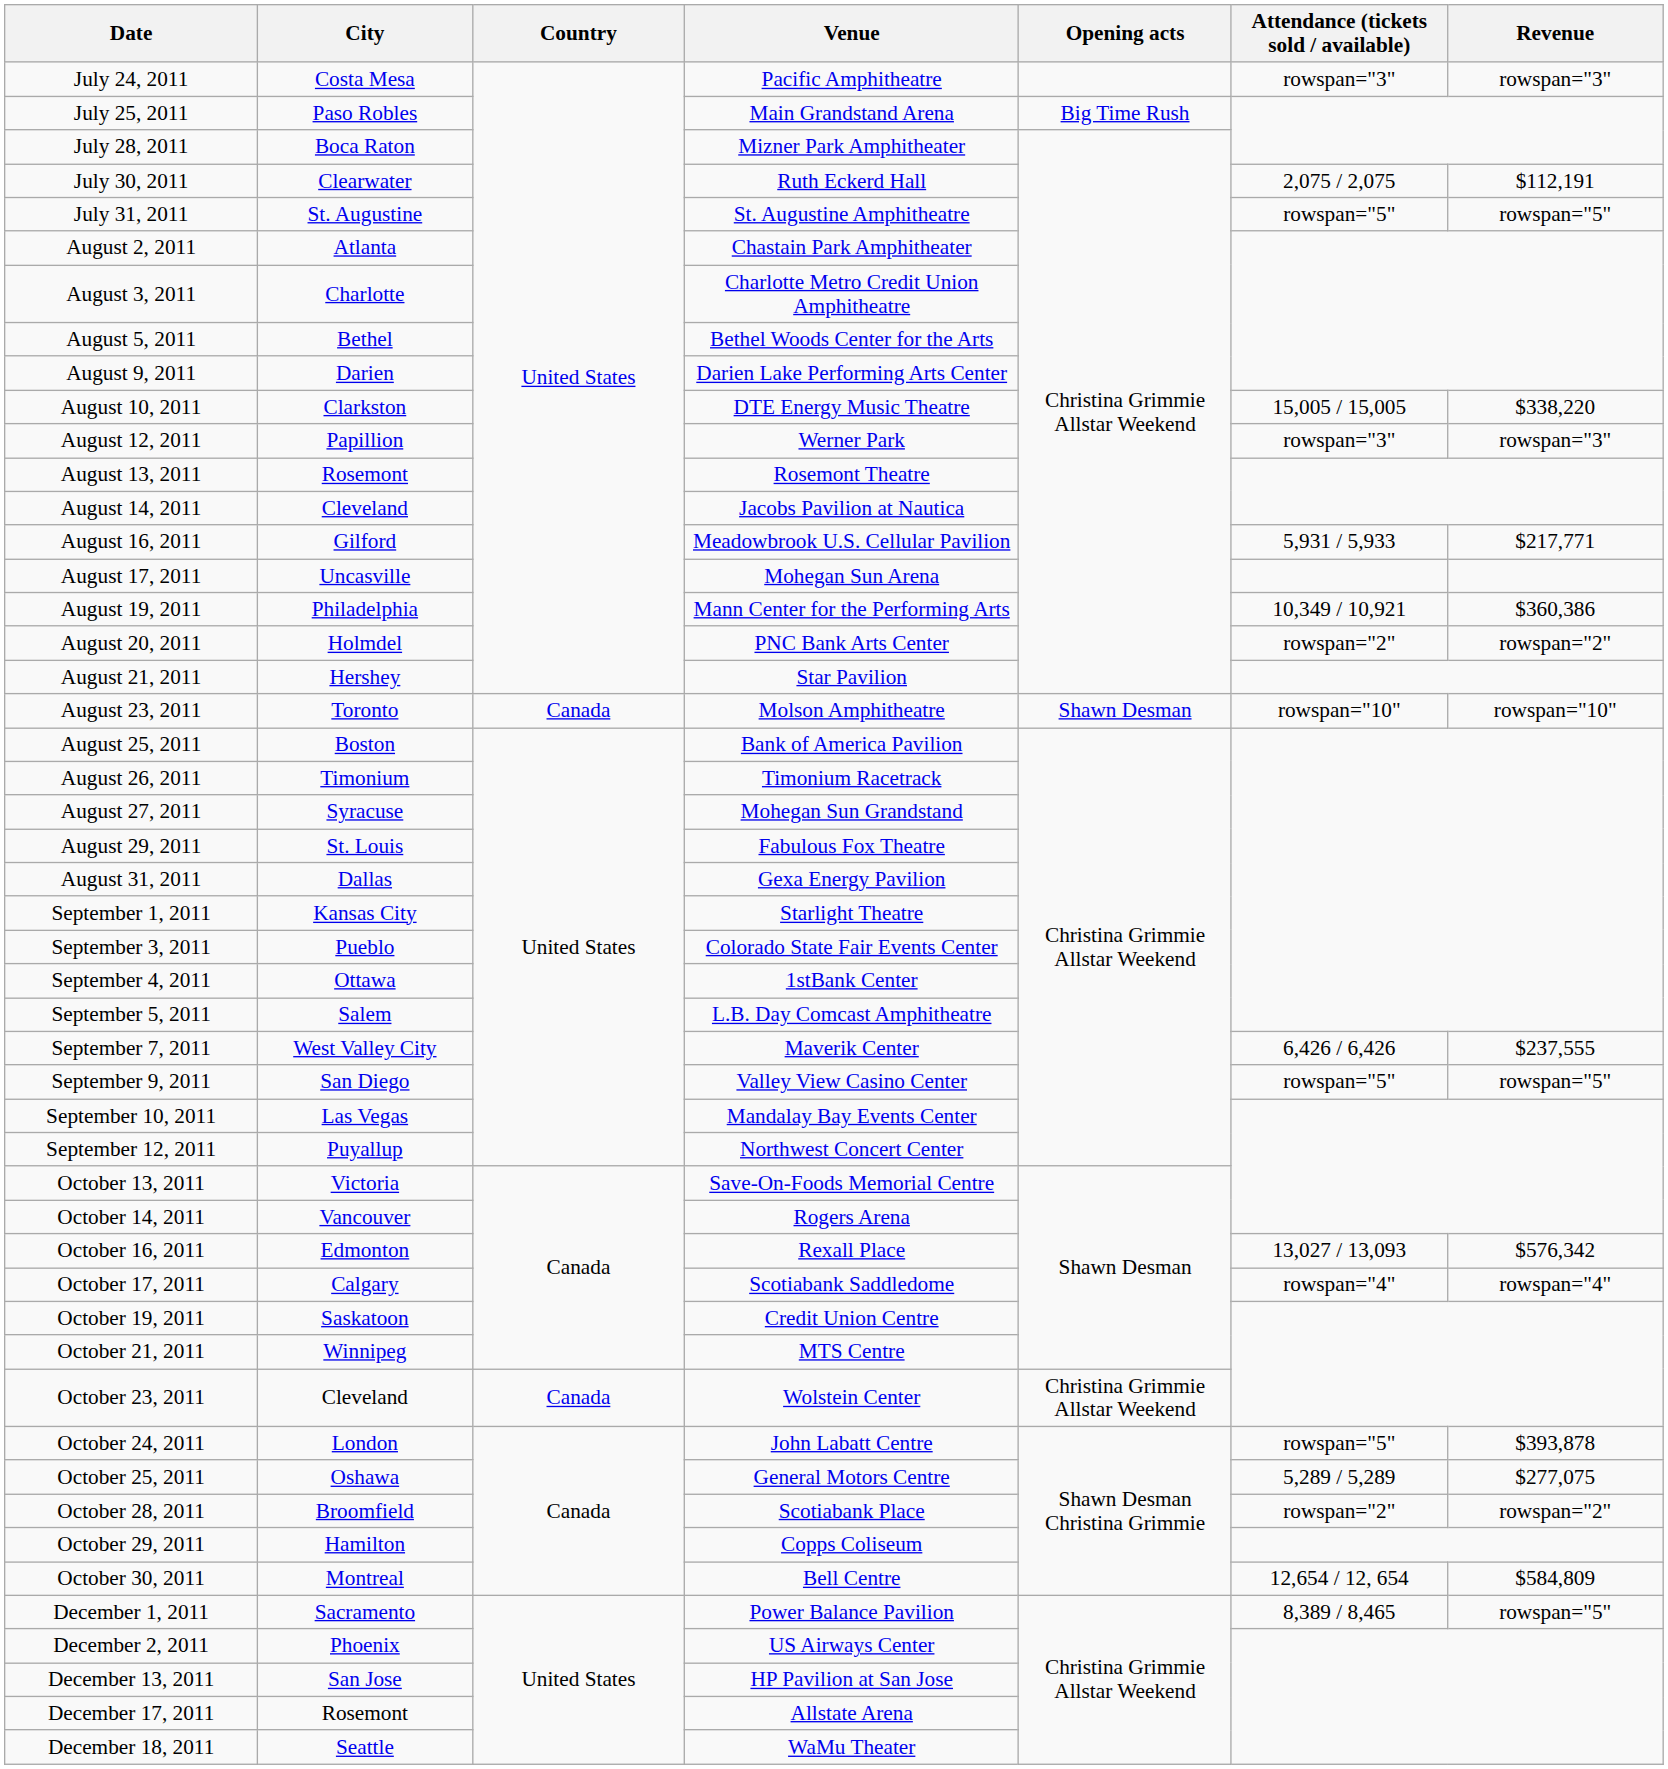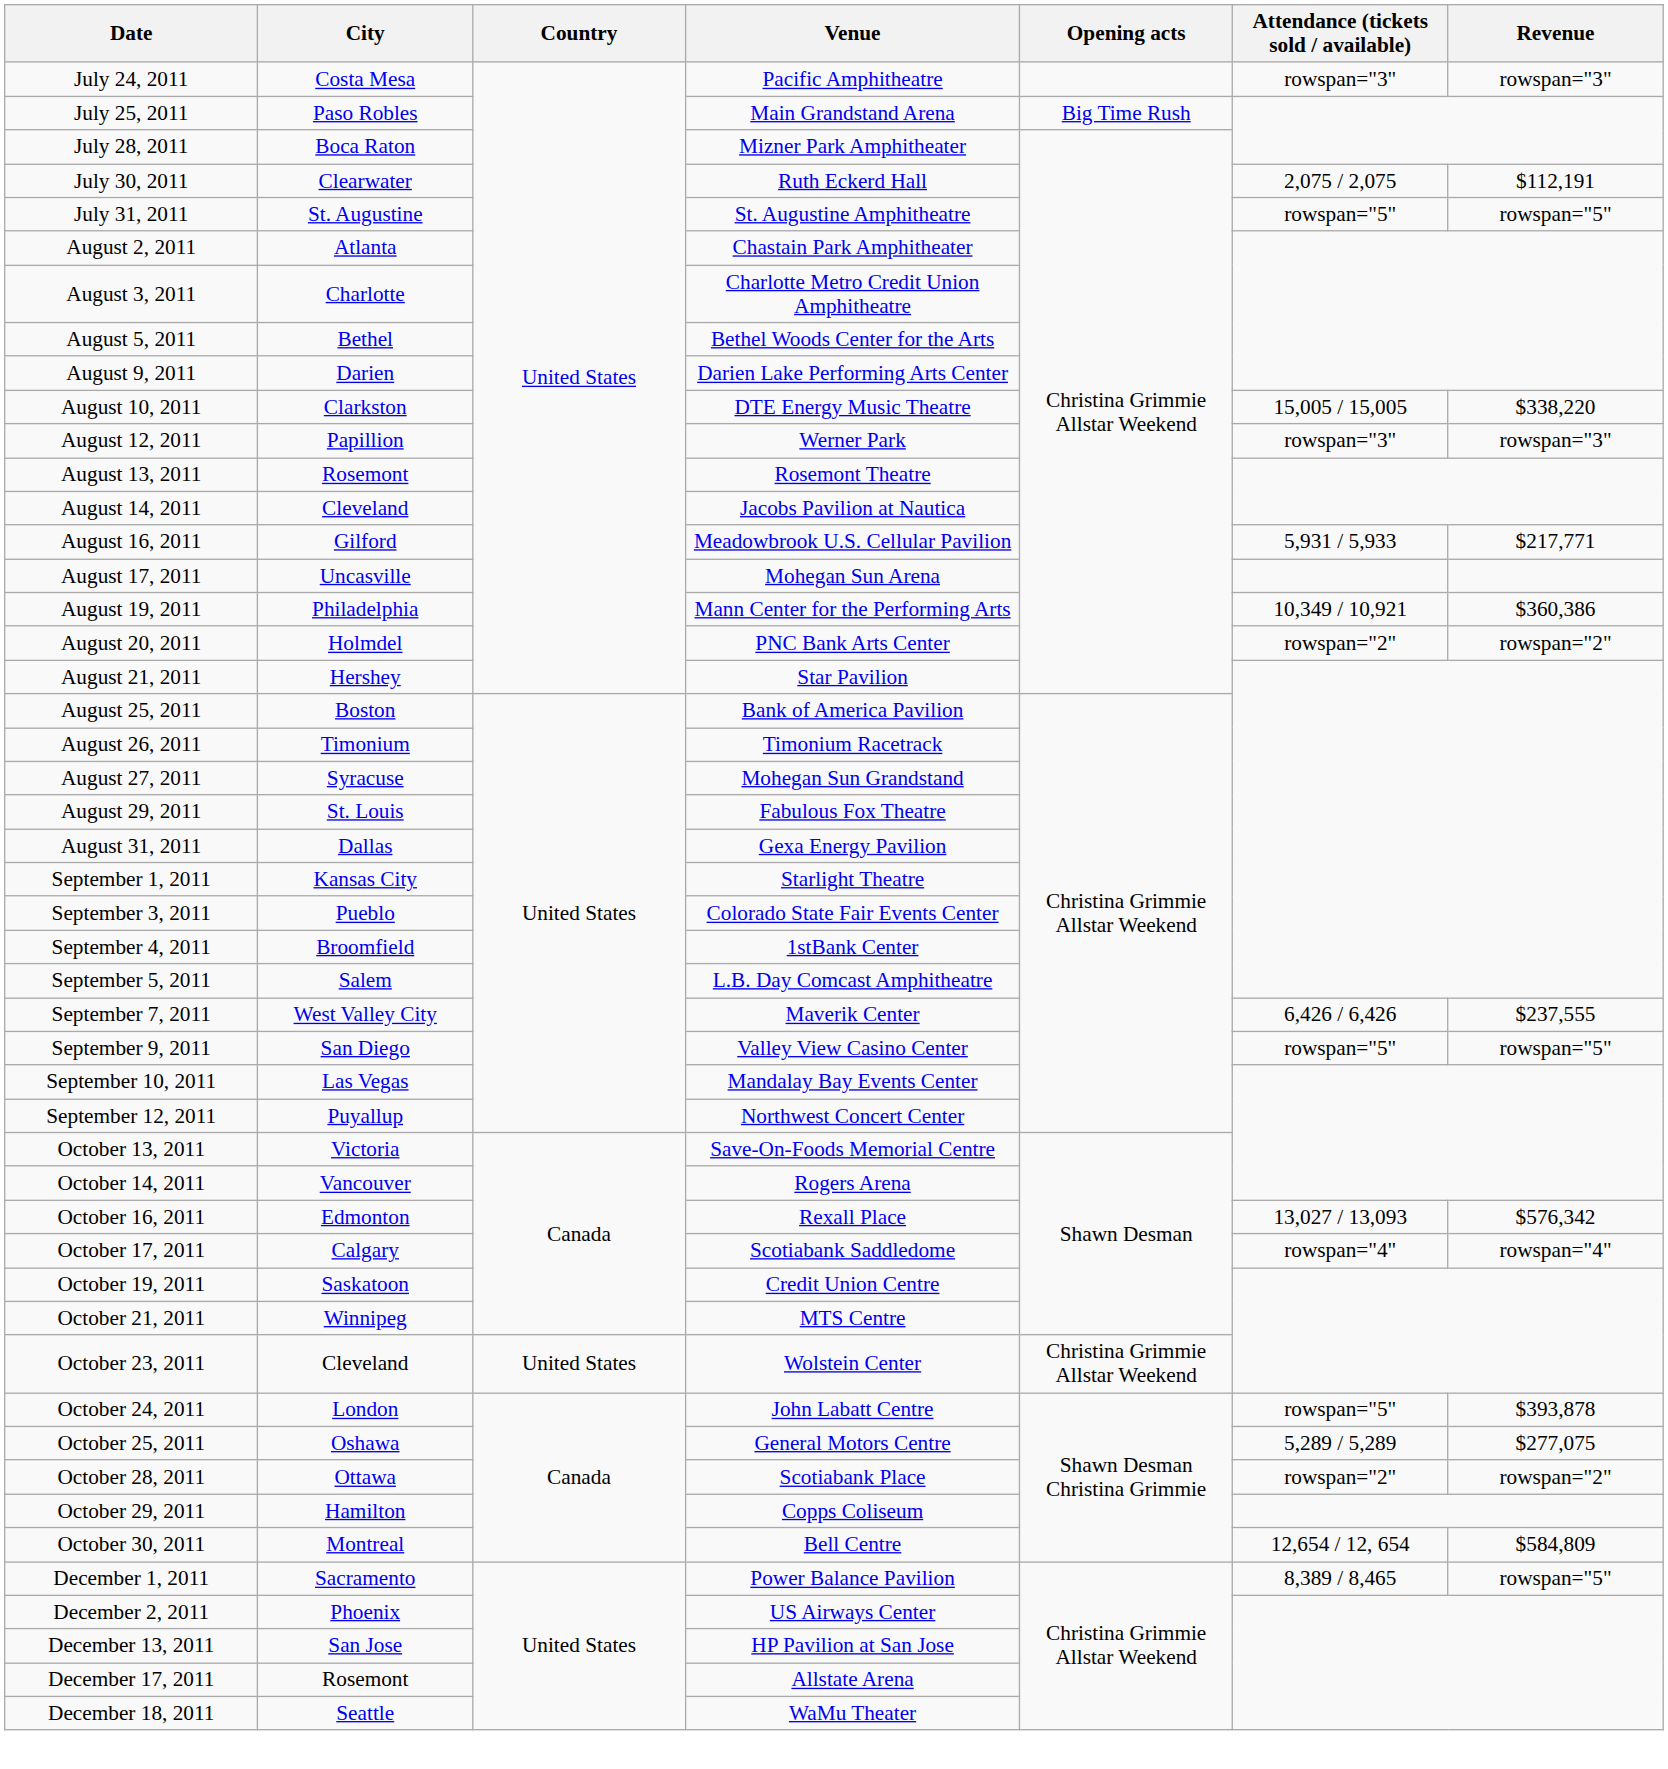 <table class="wikitable" style="text-align:center;">
 <tr>
 <th scope="col" style="width:12em;">Date</th>
 <th scope="col" style="width:10em;">City</th>
 <th scope="col" style="width:10em;">Country</th>
 <th scope="col" style="width:16em;">Venue</th>
 <th scope="col" style="width:10em;">Opening acts</th>
 <th scope="col" style="width:10em;">Attendance (tickets sold / available)</th>
 <th scope="col" style="width:10em;">Revenue</th>
 </tr>
 <tr>
 <td>July 24, 2011</td>
 <td><a href='#'>Costa Mesa</a></td>
 <td rowspan="18"><a href='#'>United States</a></td>
 <td><a href='#'>Pacific Amphitheatre</a></td>
 <td></td>
 <td>rowspan="3" </td>
 <td>rowspan="3" </td>
 </tr>
 <tr>
 <td>July 25, 2011</td>
 <td><a href='#'>Paso Robles</a></td>
 <td><a href='#'>Main Grandstand Arena</a></td>
 <td><a href='#'>Big Time Rush</a></td>
 </tr>
 <tr>
 <td>July 28, 2011</td>
 <td><a href='#'>Boca Raton</a></td>
 <td><a href='#'>Mizner Park Amphitheater</a></td>
 <td rowspan="16">Christina Grimmie<br>Allstar Weekend</td>
 </tr>
 <tr>
 <td>July 30, 2011</td>
 <td><a href='#'>Clearwater</a></td>
 <td><a href='#'>Ruth Eckerd Hall</a></td>
 <td>2,075 / 2,075</td>
 <td>$112,191</td>
 </tr>
 <tr>
 <td>July 31, 2011</td>
 <td><a href='#'>St. Augustine</a></td>
 <td><a href='#'>St. Augustine Amphitheatre</a></td>
 <td>rowspan="5" </td>
 <td>rowspan="5" </td>
 </tr>
 <tr>
 <td>August 2, 2011</td>
 <td><a href='#'>Atlanta</a></td>
 <td><a href='#'>Chastain Park Amphitheater</a></td>
 </tr>
 <tr>
 <td>August 3, 2011</td>
 <td><a href='#'>Charlotte</a></td>
 <td><a href='#'>Charlotte Metro Credit Union Amphitheatre</a></td>
 </tr>
 <tr>
 <td>August 5, 2011</td>
 <td><a href='#'>Bethel</a></td>
 <td><a href='#'>Bethel Woods Center for the Arts</a></td>
 </tr>
 <tr>
 <td>August 9, 2011</td>
 <td><a href='#'>Darien</a></td>
 <td><a href='#'>Darien Lake Performing Arts Center</a></td>
 </tr>
 <tr>
 <td>August 10, 2011</td>
 <td><a href='#'>Clarkston</a></td>
 <td><a href='#'>DTE Energy Music Theatre</a></td>
 <td>15,005 / 15,005</td>
 <td>$338,220</td>
 </tr>
 <tr>
 <td>August 12, 2011</td>
 <td><a href='#'>Papillion</a></td>
 <td><a href='#'>Werner Park</a></td>
 <td>rowspan="3" </td>
 <td>rowspan="3" </td>
 </tr>
 <tr>
 <td>August 13, 2011</td>
 <td><a href='#'>Rosemont</a></td>
 <td><a href='#'>Rosemont Theatre</a></td>
 </tr>
 <tr>
 <td>August 14, 2011</td>
 <td><a href='#'>Cleveland</a></td>
 <td><a href='#'>Jacobs Pavilion at Nautica</a></td>
 </tr>
 <tr>
 <td>August 16, 2011</td>
 <td><a href='#'>Gilford</a></td>
 <td><a href='#'>Meadowbrook U.S. Cellular Pavilion</a></td>
 <td>5,931 / 5,933</td>
 <td>$217,771</td>
 </tr>
 <tr>
 <td>August 17, 2011</td>
 <td><a href='#'>Uncasville</a></td>
 <td><a href='#'>Mohegan Sun Arena</a></td>
 <td></td>
 <td></td>
 </tr>
 <tr>
 <td>August 19, 2011</td>
 <td><a href='#'>Philadelphia</a></td>
 <td><a href='#'>Mann Center for the Performing Arts</a></td>
 <td>10,349 / 10,921</td>
 <td>$360,386</td>
 </tr>
 <tr>
 <td>August 20, 2011</td>
 <td><a href='#'>Holmdel</a></td>
 <td><a href='#'>PNC Bank Arts Center</a></td>
 <td>rowspan="2" </td>
 <td>rowspan="2" </td>
 </tr>
 <tr>
 <td>August 21, 2011</td>
 <td><a href='#'>Hershey</a></td>
 <td><a href='#'>Star Pavilion</a></td>
 </tr>
 <tr>
-<td>August 23, 2011</td>
-<td><a href='#'>Toronto</a></td>
-<td><a href='#'>Canada</a></td>
-<td><a href='#'>Molson Amphitheatre</a></td>
-<td><a href='#'>Shawn Desman</a></td>
-<td>rowspan="10" </td>
-<td>rowspan="10" </td>
-</tr>
-<tr>
 <td>August 25, 2011</td>
 <td><a href='#'>Boston</a></td>
 <td rowspan="13">United States</td>
 <td><a href='#'>Bank of America Pavilion</a></td>
 <td rowspan="13">Christina Grimmie<br>Allstar Weekend</td>
 </tr>
 <tr>
 <td>August 26, 2011</td>
 <td><a href='#'>Timonium</a></td>
 <td><a href='#'>Timonium Racetrack</a></td>
 </tr>
 <tr>
 <td>August 27, 2011</td>
 <td><a href='#'>Syracuse</a></td>
 <td><a href='#'>Mohegan Sun Grandstand</a></td>
 </tr>
 <tr>
 <td>August 29, 2011</td>
 <td><a href='#'>St. Louis</a></td>
 <td><a href='#'>Fabulous Fox Theatre</a></td>
 </tr>
 <tr>
 <td>August 31, 2011</td>
 <td><a href='#'>Dallas</a></td>
 <td><a href='#'>Gexa Energy Pavilion</a></td>
 </tr>
 <tr>
 <td>September 1, 2011</td>
 <td><a href='#'>Kansas City</a></td>
 <td><a href='#'>Starlight Theatre</a></td>
 </tr>
 <tr>
 <td>September 3, 2011</td>
 <td><a href='#'>Pueblo</a></td>
 <td><a href='#'>Colorado State Fair Events Center</a></td>
 </tr>
 <tr>
 <td>September 4, 2011</td>
-<td><a href='#'>Ottawa</a></td>
+<td><a href='#'>Broomfield</a></td>
 <td><a href='#'>1stBank Center</a></td>
 </tr>
 <tr>
 <td>September 5, 2011</td>
 <td><a href='#'>Salem</a></td>
 <td><a href='#'>L.B. Day Comcast Amphitheatre</a></td>
 </tr>
 <tr>
 <td>September 7, 2011</td>
 <td><a href='#'>West Valley City</a></td>
 <td><a href='#'>Maverik Center</a></td>
 <td>6,426 / 6,426</td>
 <td>$237,555</td>
 </tr>
 <tr>
 <td>September 9, 2011</td>
 <td><a href='#'>San Diego</a></td>
 <td><a href='#'>Valley View Casino Center</a></td>
 <td>rowspan="5" </td>
 <td>rowspan="5" </td>
 </tr>
 <tr>
 <td>September 10, 2011</td>
 <td><a href='#'>Las Vegas</a></td>
 <td><a href='#'>Mandalay Bay Events Center</a></td>
 </tr>
 <tr>
 <td>September 12, 2011</td>
 <td><a href='#'>Puyallup</a></td>
 <td><a href='#'>Northwest Concert Center</a></td>
 </tr>
 <tr>
 <td>October 13, 2011</td>
 <td><a href='#'>Victoria</a></td>
 <td rowspan="6">Canada</td>
 <td><a href='#'>Save-On-Foods Memorial Centre</a></td>
 <td rowspan="6">Shawn Desman</td>
 </tr>
 <tr>
 <td>October 14, 2011</td>
 <td><a href='#'>Vancouver</a></td>
 <td><a href='#'>Rogers Arena</a></td>
 </tr>
 <tr>
 <td>October 16, 2011</td>
 <td><a href='#'>Edmonton</a></td>
 <td><a href='#'>Rexall Place</a></td>
 <td>13,027 / 13,093</td>
 <td>$576,342</td>
 </tr>
 <tr>
 <td>October 17, 2011</td>
 <td><a href='#'>Calgary</a></td>
 <td><a href='#'>Scotiabank Saddledome</a></td>
 <td>rowspan="4" </td>
 <td>rowspan="4" </td>
 </tr>
 <tr>
 <td>October 19, 2011</td>
 <td><a href='#'>Saskatoon</a></td>
 <td><a href='#'>Credit Union Centre</a></td>
 </tr>
 <tr>
 <td>October 21, 2011</td>
 <td><a href='#'>Winnipeg</a></td>
 <td><a href='#'>MTS Centre</a></td>
 </tr>
 <tr>
 <td>October 23, 2011</td>
 <td>Cleveland</td>
-<td><a href='#'>Canada</a></td>
+<td>United States</td>
 <td><a href='#'>Wolstein Center</a></td>
 <td>Christina Grimmie<br>Allstar Weekend</td>
 </tr>
 <tr>
 <td>October 24, 2011</td>
 <td><a href='#'>London</a></td>
 <td rowspan="5">Canada</td>
 <td><a href='#'>John Labatt Centre</a></td>
 <td rowspan="5">Shawn Desman<br>Christina Grimmie</td>
 <td>rowspan="5" </td>
 <td>$393,878</td>
 </tr>
 <tr>
 <td>October 25, 2011</td>
 <td><a href='#'>Oshawa</a></td>
 <td><a href='#'>General Motors Centre</a></td>
 <td>5,289 / 5,289</td>
 <td>$277,075</td>
 </tr>
 <tr>
 <td>October 28, 2011</td>
-<td><a href='#'>Broomfield</a></td>
+<td><a href='#'>Ottawa</a></td>
 <td><a href='#'>Scotiabank Place</a></td>
 <td>rowspan="2" </td>
 <td>rowspan="2" </td>
 </tr>
 <tr>
 <td>October 29, 2011</td>
 <td><a href='#'>Hamilton</a></td>
 <td><a href='#'>Copps Coliseum</a></td>
 </tr>
 <tr>
 <td>October 30, 2011</td>
 <td><a href='#'>Montreal</a></td>
 <td><a href='#'>Bell Centre</a></td>
 <td>12,654 / 12, 654</td>
 <td>$584,809</td>
 </tr>
 <tr>
 <td>December 1, 2011</td>
 <td><a href='#'>Sacramento</a></td>
 <td rowspan="5">United States</td>
 <td><a href='#'>Power Balance Pavilion</a></td>
 <td rowspan="5">Christina Grimmie<br>Allstar Weekend</td>
 <td>8,389 / 8,465</td>
 <td>rowspan="5" </td>
 </tr>
 <tr>
 <td>December 2, 2011</td>
 <td><a href='#'>Phoenix</a></td>
 <td><a href='#'>US Airways Center</a></td>
 </tr>
 <tr>
 <td>December 13, 2011</td>
 <td><a href='#'>San Jose</a></td>
 <td><a href='#'>HP Pavilion at San Jose</a></td>
 </tr>
 <tr>
 <td>December 17, 2011</td>
 <td>Rosemont</td>
 <td><a href='#'>Allstate Arena</a></td>
 </tr>
 <tr>
 <td>December 18, 2011</td>
 <td><a href='#'>Seattle</a></td>
 <td><a href='#'>WaMu Theater</a></td>
 </tr>
 </table>
